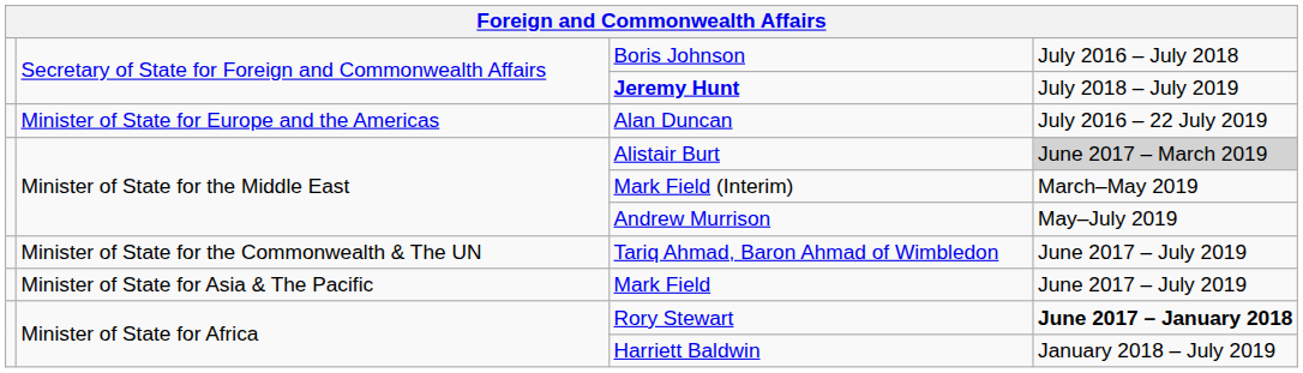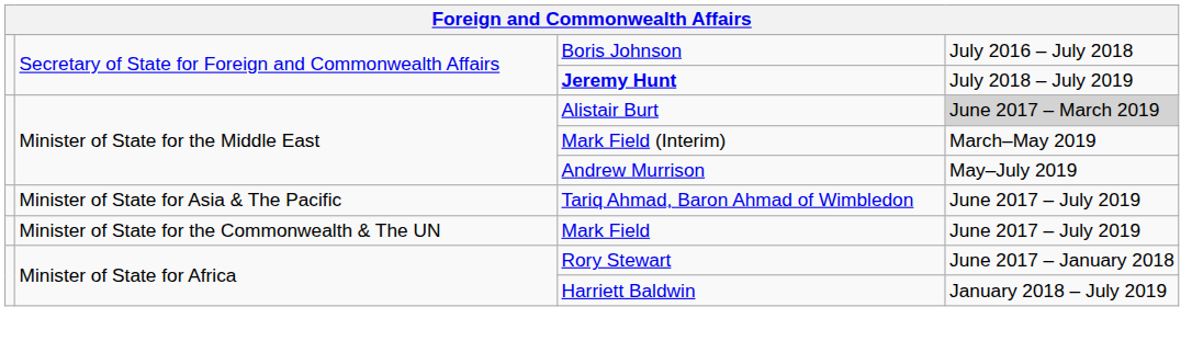 <table class="wikitable">
 <tr>
 <th colspan="4"><a href='#'>Foreign and Commonwealth Affairs</a></th>
 </tr>
 <tr>
 <td rowspan="2" style="width: 1px; background: "></td>
 <td rowspan="2" style="width: 450px;"><a href='#'>Secretary of State for Foreign and Commonwealth Affairs</a></td>
 <td style="width: 320px;"><a href='#'>Boris Johnson</a></td>
 <td>July 2016 – July 2018</td>
 </tr>
 <tr>
 <td><strong><a href='#'>Jeremy Hunt</a></strong></td>
 <td>July 2018 – July 2019</td>
-</tr>
-<tr>
-<td style="width: 1px; background: "></td>
-<td><a href='#'>Minister of State for Europe and the Americas</a></td>
-<td><a href='#'>Alan Duncan</a></td>
-<td>July 2016 – 22 July 2019</td>
 </tr>
 <tr>
 <td rowspan="3" style="width: 1px; background: "></td>
 <td rowspan="3">Minister of State for the Middle East</td>
 <td><a href='#'>Alistair Burt</a><br></td>
 <td style="background: lightgrey;">June 2017 – March 2019</td>
 </tr>
 <tr>
 <td><a href='#'>Mark Field</a> (Interim)</td>
 <td>March–May 2019</td>
 </tr>
 <tr>
 <td><a href='#'>Andrew Murrison</a><br></td>
 <td>May–July 2019</td>
 </tr>
 <tr>
 <td style="width: 1px; background: "></td>
-<td>Minister of State for the Commonwealth & The UN</td>
+<td>Minister of State for Asia & The Pacific</td>
 <td><a href='#'>Tariq Ahmad, Baron Ahmad of Wimbledon</a></td>
 <td>June 2017 – July 2019</td>
 </tr>
 <tr>
 <td style="width: 1px; background: "></td>
-<td>Minister of State for Asia & The Pacific</td>
+<td>Minister of State for the Commonwealth & The UN</td>
 <td><a href='#'>Mark Field</a><br></td>
 <td>June 2017 – July 2019</td>
 </tr>
 <tr>
 <td rowspan="2" style="width: 1px; background: "></td>
 <td rowspan="2">Minister of State for Africa</td>
 <td><a href='#'>Rory Stewart</a><br></td>
-<td><strong>June 2017 – January 2018</strong></td>
+<td>June 2017 – January 2018</td>
 </tr>
 <tr>
 <td><a href='#'>Harriett Baldwin</a><br></td>
 <td>January 2018 – July 2019</td>
 </tr>
 </table>
